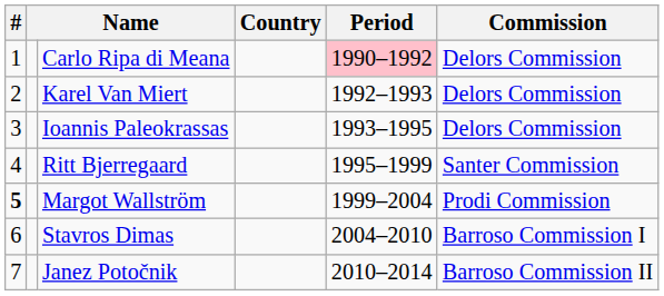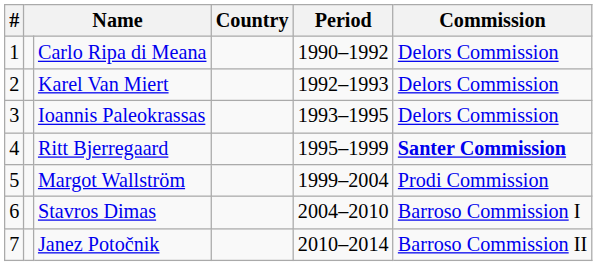 <table class="wikitable">
 <tr>
 <th>#</th>
 <th colspan=2>Name</th>
 <th>Country</th>
 <th>Period</th>
 <th>Commission</th>
 </tr>
 <tr>
 <td>1</td>
 <td></td>
 <td><a href='#'>Carlo Ripa di Meana</a></td>
 <td></td>
-<td style="background: pink;">1990–1992</td>
+<td>1990–1992</td>
 <td><a href='#'>Delors Commission</a></td>
 </tr>
 <tr>
 <td>2</td>
 <td></td>
 <td><a href='#'>Karel Van Miert</a></td>
 <td></td>
 <td>1992–1993</td>
 <td><a href='#'>Delors Commission</a></td>
 </tr>
 <tr>
 <td>3</td>
 <td></td>
 <td><a href='#'>Ioannis Paleokrassas</a></td>
 <td></td>
 <td>1993–1995</td>
 <td><a href='#'>Delors Commission</a></td>
 </tr>
 <tr>
 <td>4</td>
 <td></td>
 <td><a href='#'>Ritt Bjerregaard</a></td>
 <td></td>
 <td>1995–1999</td>
-<td><a href='#'>Santer Commission</a></td>
+<td><strong><a href='#'>Santer Commission</a></strong></td>
 </tr>
 <tr>
-<td><strong>5</strong></td>
+<td>5</td>
 <td></td>
 <td><a href='#'>Margot Wallström</a></td>
 <td></td>
 <td>1999–2004</td>
 <td><a href='#'>Prodi Commission</a></td>
 </tr>
 <tr>
 <td>6</td>
 <td></td>
 <td><a href='#'>Stavros Dimas</a></td>
 <td></td>
 <td>2004–2010</td>
 <td><a href='#'>Barroso Commission</a> I</td>
 </tr>
 <tr>
 <td>7</td>
 <td></td>
 <td><a href='#'>Janez Potočnik</a></td>
 <td></td>
 <td>2010–2014</td>
 <td><a href='#'>Barroso Commission</a> II</td>
 </tr>
 </table>
